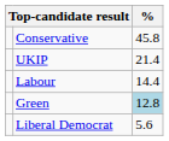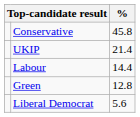 <table class="wikitable">
 <tr>
 <th colspan="2">Top-candidate result</th>
 <th>%</th>
 </tr>
 <tr>
 <td style="background-color: "></td>
 <td><a href='#'>Conservative</a></td>
 <td>45.8</td>
 </tr>
 <tr>
 <td style="background-color: "></td>
 <td><a href='#'>UKIP</a></td>
 <td>21.4</td>
 </tr>
 <tr>
 <td style="background-color: "></td>
 <td><a href='#'>Labour</a></td>
 <td>14.4</td>
 </tr>
 <tr>
 <td style="background-color: "></td>
 <td><a href='#'>Green</a></td>
-<td style="background: lightblue;">12.8</td>
+<td>12.8</td>
 </tr>
 <tr>
 <td style="background-color: "></td>
 <td><a href='#'>Liberal Democrat</a></td>
 <td>5.6</td>
 </tr>
 </table>
